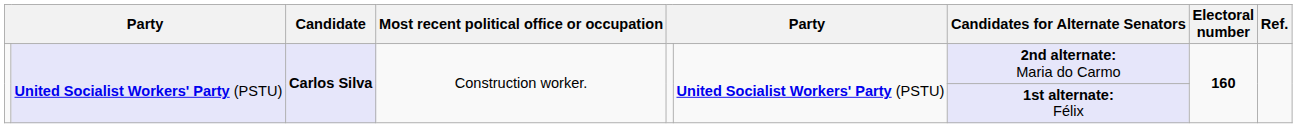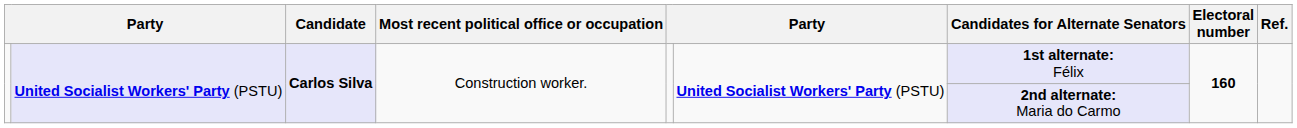 <table class="wikitable" style="text-align:center;">
 <tr>
 <th colspan="2">Party</th>
 <th>Candidate</th>
 <th>Most recent political office or occupation</th>
 <th colspan="2">Party</th>
 <th>Candidates for Alternate Senators</th>
 <th>Electoral<br>number</th>
 <th>Ref.</th>
 </tr>
 <tr>
 <td rowspan="2" style="background-color:"></td>
 <td rowspan="2" style="background:lavender;"><br><strong><a href='#'>United Socialist Workers' Party</a></strong> (PSTU)</td>
 <td rowspan="2" style="background:lavender;"><strong>Carlos Silva</strong></td>
 <td rowspan="2">Construction worker.</td>
 <td rowspan="2" style="background-color:"></td>
 <td rowspan="2"><br><strong><a href='#'>United Socialist Workers' Party</a></strong> (PSTU)</td>
-<td style="background:lavender;"><strong>2nd alternate:</strong><br>Maria do Carmo</td>
+<td style="background:lavender;"><strong>1st alternate:</strong><br>Félix</td>
 <td rowspan="2"><strong>160</strong></td>
 <td rowspan="2"></td>
 </tr>
 <tr>
-<td style="background:lavender;"><strong>1st alternate:</strong><br>Félix</td>
+<td style="background:lavender;"><strong>2nd alternate:</strong><br>Maria do Carmo</td>
 </tr>
 </table>
